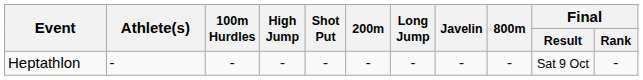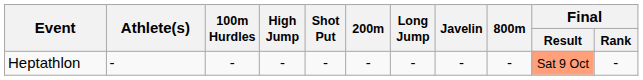 <table class=wikitable style="font-size:90%">
 <tr>
 <th rowspan="2" width=150>Event</th>
 <th rowspan="2" width=150>Athlete(s)</th>
 <th rowspan="2" width=50><small>100m<br>Hurdles</small></th>
 <th rowspan="2" width=50><small>High<br>Jump</small></th>
 <th rowspan="2" width=50><small>Shot<br>Put</small></th>
 <th rowspan="2" width=50><small>200m</small></th>
 <th rowspan="2" width=50><small>Long<br>Jump</small></th>
 <th rowspan="2" width=50><small>Javelin</small></th>
 <th rowspan="2" width=50><small>800m</small></th>
 <th colspan="2" width=150>Final</th>
 </tr>
 <tr>
 <th style="line-height:1em" width=100><small>Result</small></th>
 <th style="line-height:1em" width=50><small>Rank</small></th>
 </tr>
 <tr>
 <td>Heptathlon</td>
 <td>-</td>
 <td align="center">-</td>
 <td align="center">-</td>
 <td align="center">-</td>
 <td align="center">-</td>
 <td align="center">-</td>
 <td align="center">-</td>
 <td align="center">-</td>
-<td align="center"><small>Sat 9 Oct</small></td>
+<td align="center" style="background: lightsalmon;"><small>Sat 9 Oct</small></td>
 <td align="center">-</td>
 </tr>
 </table>
